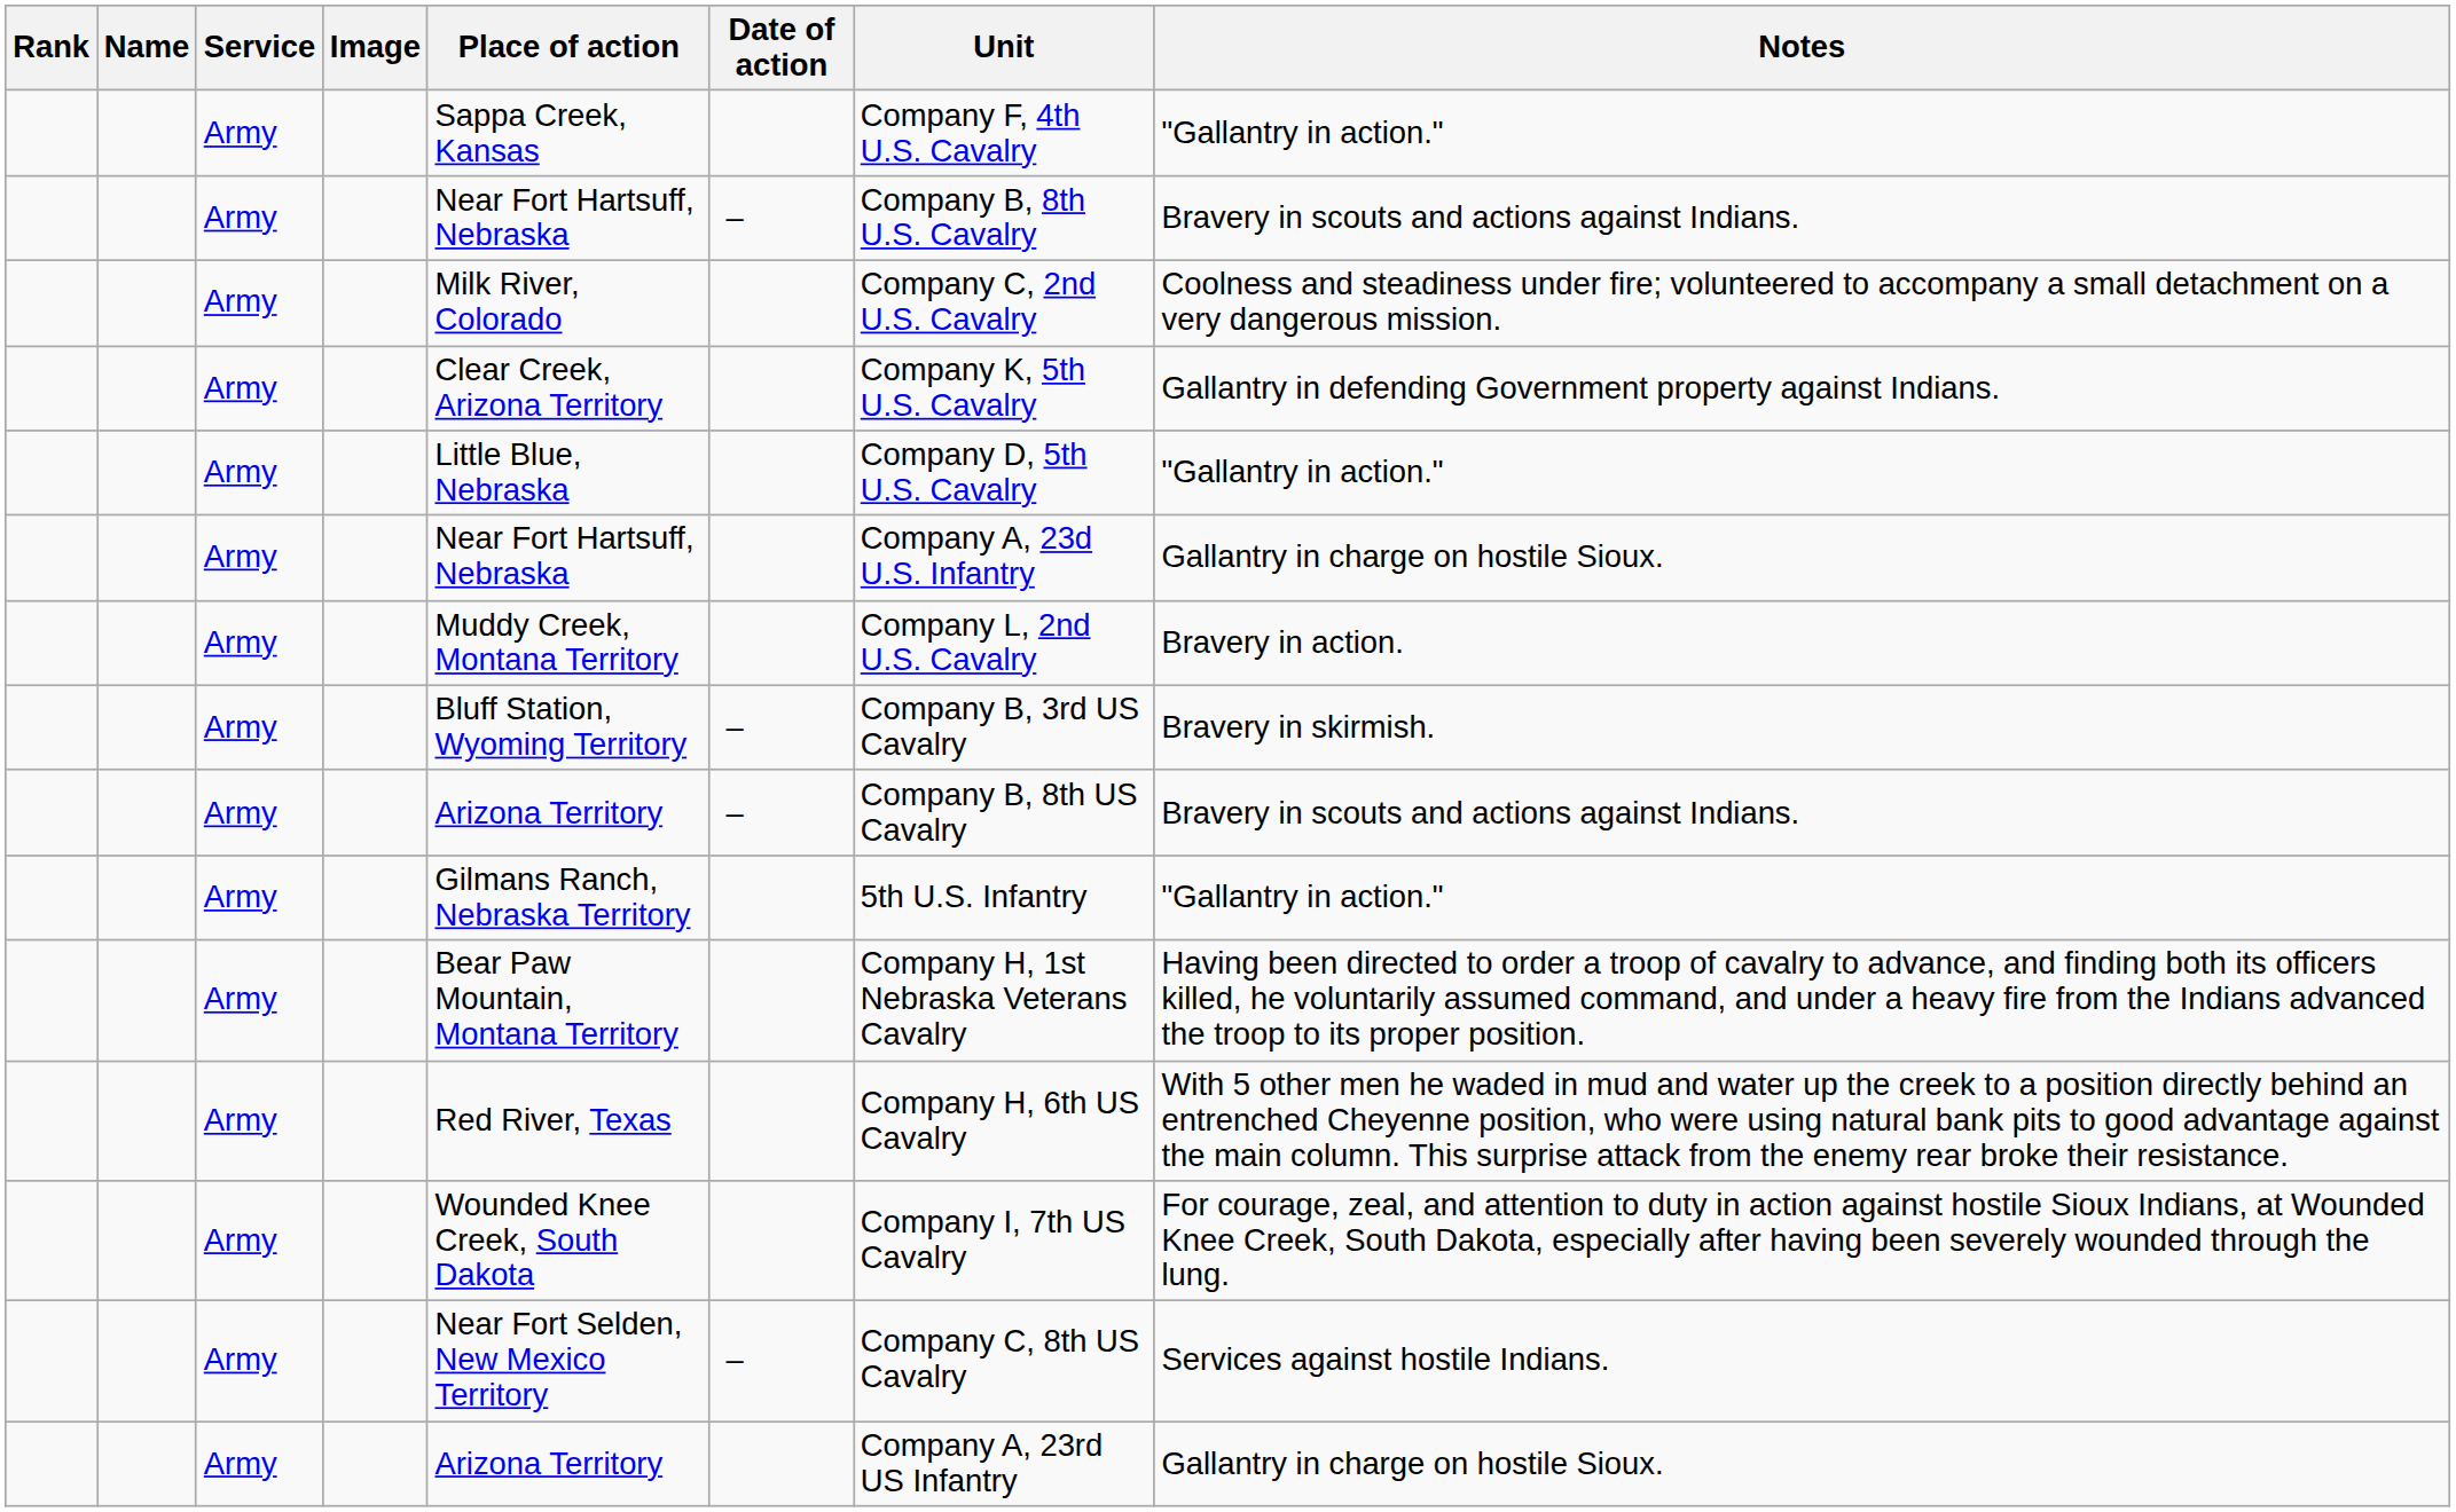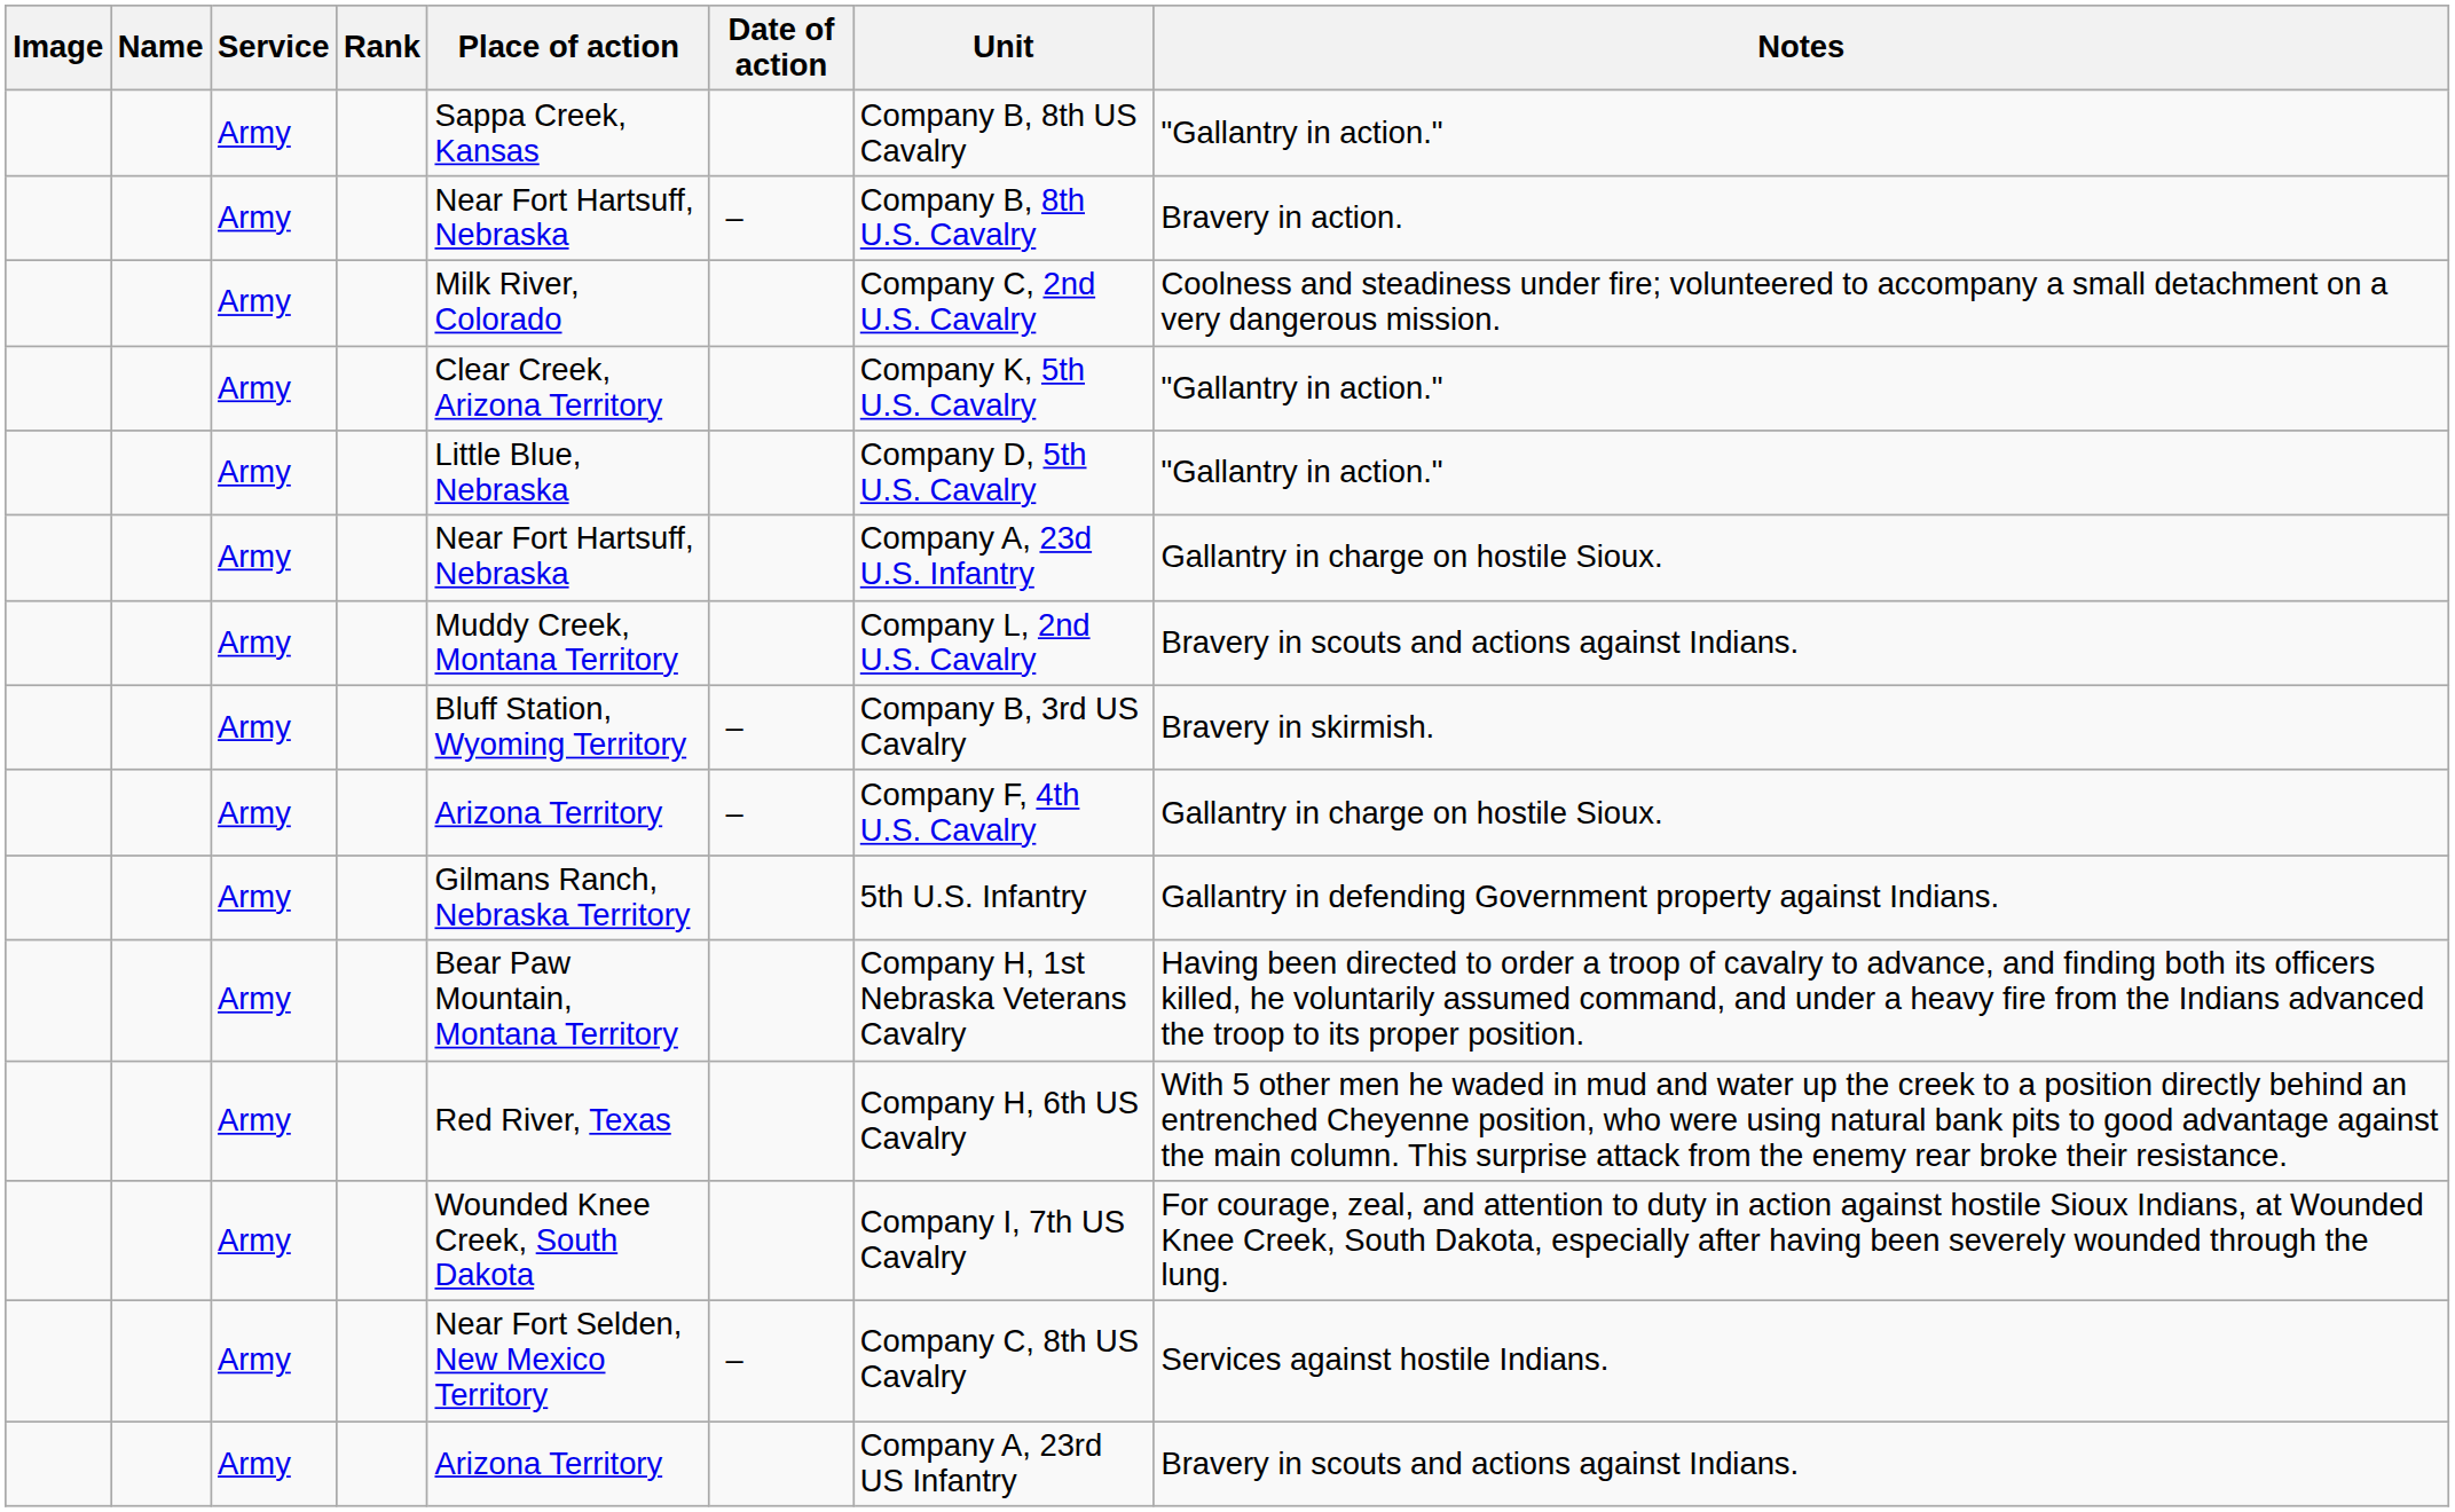 <table class="wikitable sortable">
 <tr>
-<th>Rank</th>
+<th class="unsortable">Image</th>
 <th>Name</th>
 <th>Service</th>
-<th class="unsortable">Image</th>
+<th>Rank</th>
 <th>Place of action</th>
 <th>Date of action</th>
 <th>Unit</th>
 <th class="unsortable">Notes</th>
 </tr>
 <tr>
 <td></td>
 <td></td>
 <td><a href='#'>Army</a></td>
 <td></td>
 <td>Sappa Creek, <a href='#'>Kansas</a></td>
 <td></td>
-<td>Company F, <a href='#'>4th U.S. Cavalry</a></td>
+<td>Company B, 8th US Cavalry</td>
 <td>"Gallantry in action."</td>
 </tr>
 <tr>
 <td></td>
 <td></td>
 <td><a href='#'>Army</a></td>
 <td></td>
 <td>Near Fort Hartsuff, <a href='#'>Nebraska</a></td>
 <td> – </td>
 <td>Company B, <a href='#'>8th U.S. Cavalry</a></td>
-<td>Bravery in scouts and actions against Indians.</td>
+<td>Bravery in action.</td>
 </tr>
 <tr>
 <td></td>
 <td></td>
 <td><a href='#'>Army</a></td>
 <td></td>
 <td>Milk River, <a href='#'>Colorado</a></td>
 <td></td>
 <td>Company C, <a href='#'>2nd U.S. Cavalry</a></td>
 <td>Coolness and steadiness under fire; volunteered to accompany a small detachment on a very dangerous mission.</td>
 </tr>
 <tr>
 <td></td>
 <td></td>
 <td><a href='#'>Army</a></td>
 <td></td>
 <td>Clear Creek, <a href='#'>Arizona Territory</a></td>
 <td></td>
 <td>Company K, <a href='#'>5th U.S. Cavalry</a></td>
-<td>Gallantry in defending Government property against Indians.</td>
+<td>"Gallantry in action."</td>
 </tr>
 <tr>
 <td></td>
 <td></td>
 <td><a href='#'>Army</a></td>
 <td></td>
 <td>Little Blue, <a href='#'>Nebraska</a></td>
 <td></td>
 <td>Company D, <a href='#'>5th U.S. Cavalry</a></td>
 <td>"Gallantry in action."</td>
 </tr>
 <tr>
 <td></td>
 <td></td>
 <td><a href='#'>Army</a></td>
 <td></td>
 <td>Near Fort Hartsuff, <a href='#'>Nebraska</a></td>
 <td></td>
 <td>Company A, <a href='#'>23d U.S. Infantry</a></td>
 <td>Gallantry in charge on hostile Sioux.</td>
 </tr>
 <tr>
 <td></td>
 <td></td>
 <td><a href='#'>Army</a></td>
 <td></td>
 <td>Muddy Creek, <a href='#'>Montana Territory</a></td>
 <td></td>
 <td>Company L, <a href='#'>2nd U.S. Cavalry</a></td>
-<td>Bravery in action.</td>
+<td>Bravery in scouts and actions against Indians.</td>
 </tr>
 <tr>
 <td></td>
 <td></td>
 <td><a href='#'>Army</a></td>
 <td></td>
 <td>Bluff Station, <a href='#'>Wyoming Territory</a></td>
 <td> – </td>
 <td>Company B, 3rd US Cavalry</td>
 <td>Bravery in skirmish.</td>
 </tr>
 <tr>
 <td></td>
 <td></td>
 <td><a href='#'>Army</a></td>
 <td></td>
 <td><a href='#'>Arizona Territory</a></td>
 <td> – </td>
-<td>Company B, 8th US Cavalry</td>
-<td>Bravery in scouts and actions against Indians.</td>
+<td>Company F, <a href='#'>4th U.S. Cavalry</a></td>
+<td>Gallantry in charge on hostile Sioux.</td>
 </tr>
 <tr>
 <td></td>
 <td></td>
 <td><a href='#'>Army</a></td>
 <td></td>
 <td>Gilmans Ranch, <a href='#'>Nebraska Territory</a></td>
 <td></td>
 <td>5th U.S. Infantry</td>
-<td>"Gallantry in action."</td>
+<td>Gallantry in defending Government property against Indians.</td>
 </tr>
 <tr>
 <td></td>
 <td></td>
 <td><a href='#'>Army</a></td>
 <td></td>
 <td>Bear Paw Mountain, <a href='#'>Montana Territory</a></td>
 <td></td>
 <td>Company H, 1st Nebraska Veterans Cavalry</td>
 <td>Having been directed to order a troop of cavalry to advance, and finding both its officers killed, he voluntarily assumed command, and under a heavy fire from the Indians advanced the troop to its proper position.</td>
 </tr>
 <tr>
 <td></td>
 <td></td>
 <td><a href='#'>Army</a></td>
 <td></td>
 <td>Red River, <a href='#'>Texas</a></td>
 <td></td>
 <td>Company H, 6th US Cavalry</td>
 <td>With 5 other men he waded in mud and water up the creek to a position directly behind an entrenched Cheyenne position, who were using natural bank pits to good advantage against the main column. This surprise attack from the enemy rear broke their resistance.</td>
 </tr>
 <tr>
 <td></td>
 <td></td>
 <td><a href='#'>Army</a></td>
 <td></td>
 <td>Wounded Knee Creek, <a href='#'>South Dakota</a></td>
 <td></td>
 <td>Company I, 7th US Cavalry</td>
 <td>For courage, zeal, and attention to duty in action against hostile Sioux Indians, at Wounded Knee Creek, South Dakota, especially after having been severely wounded through the lung. </td>
 </tr>
 <tr>
 <td></td>
 <td></td>
 <td><a href='#'>Army</a></td>
 <td></td>
 <td>Near Fort Selden, <a href='#'>New Mexico Territory</a></td>
 <td> – </td>
 <td>Company C, 8th US Cavalry</td>
 <td>Services against hostile Indians.</td>
 </tr>
 <tr>
 <td></td>
 <td></td>
 <td><a href='#'>Army</a></td>
 <td></td>
 <td><a href='#'>Arizona Territory</a></td>
 <td></td>
 <td>Company A, 23rd US Infantry</td>
-<td>Gallantry in charge on hostile Sioux.</td>
+<td>Bravery in scouts and actions against Indians.</td>
 </tr>
 </table>
